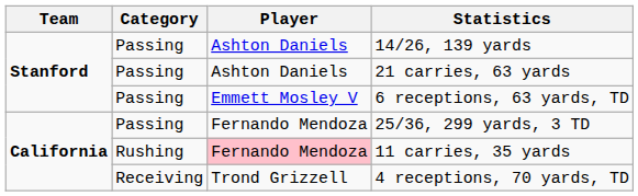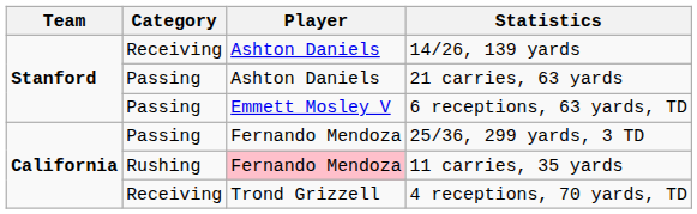 <table class="wikitable" style="float: right;">
 <tr>
 <th>Team</th>
 <th>Category</th>
 <th>Player</th>
 <th>Statistics</th>
 </tr>
 <tr>
 <td rowspan=3><strong>Stanford</strong></td>
-<td>Passing</td>
+<td>Receiving</td>
 <td><a href='#'>Ashton Daniels</a></td>
 <td>14/26, 139 yards</td>
 </tr>
 <tr>
 <td>Passing</td>
 <td>Ashton Daniels</td>
 <td>21 carries, 63 yards</td>
 </tr>
 <tr>
 <td>Passing</td>
 <td><a href='#'>Emmett Mosley V</a></td>
 <td>6 receptions, 63 yards, TD</td>
 </tr>
 <tr>
 <td rowspan=3><strong>California</strong></td>
 <td>Passing</td>
 <td>Fernando Mendoza</td>
 <td>25/36, 299 yards, 3 TD</td>
 </tr>
 <tr>
 <td>Rushing</td>
 <td style="background: pink;">Fernando Mendoza</td>
 <td>11 carries, 35 yards</td>
 </tr>
 <tr>
 <td>Receiving</td>
 <td>Trond Grizzell</td>
 <td>4 receptions, 70 yards, TD</td>
 </tr>
 </table>
